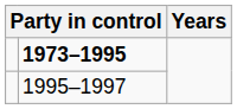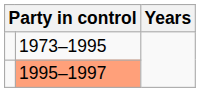 <table class="wikitable">
 <tr>
 <th colspan="2">Party in control</th>
 <th>Years</th>
 </tr>
 <tr>
 <td></td>
-<td><strong>1973–1995</strong></td>
+<td>1973–1995</td>
 </tr>
 <tr>
 <td></td>
-<td>1995–1997</td>
+<td style="background: lightsalmon;">1995–1997</td>
 </tr>
 </table>
